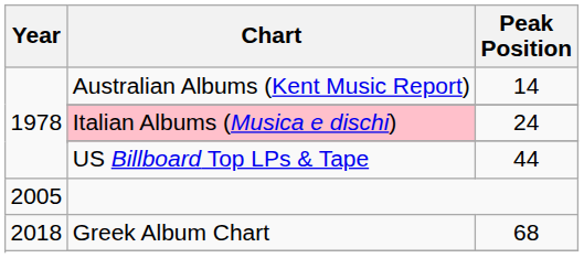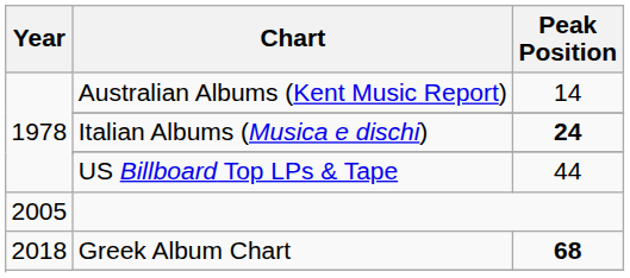 <table class="wikitable sortable">
 <tr>
 <th align="left">Year</th>
 <th align="left">Chart</th>
 <th align="left">Peak<br>Position</th>
 </tr>
 <tr>
 <td rowspan="8">1978</td>
 <td>Australian Albums (<a href='#'>Kent Music Report</a>)</td>
 <td align="center">14</td>
 </tr>
 <tr>
 </tr>
 <tr>
-<td style="background: pink;">Italian Albums (<em><a href='#'>Musica e dischi</a></em>)</td>
-<td align="center">24</td>
+<td>Italian Albums (<em><a href='#'>Musica e dischi</a></em>)</td>
+<td align="center"><strong>24</strong></td>
 </tr>
 <tr>
 </tr>
 <tr>
 </tr>
 <tr>
 </tr>
 <tr>
 </tr>
 <tr>
 <td>US <a href='#'><em>Billboard</em> Top LPs & Tape</a></td>
 <td align="center">44</td>
 </tr>
 <tr>
 <td>2005<br></td>
 </tr>
 <tr>
 <td rowspan="2">2018</td>
 <td>Greek Album Chart</td>
-<td align="center">68</td>
+<td align="center"><strong>68</strong></td>
 </tr>
 <tr>
 </tr>
 </table>
